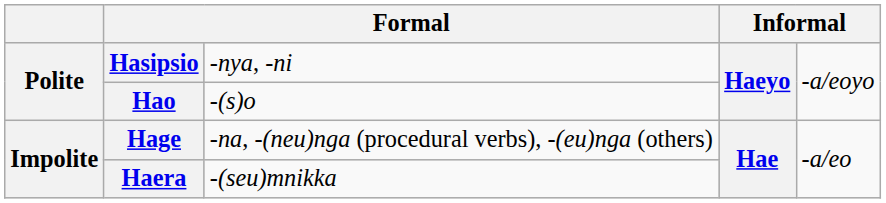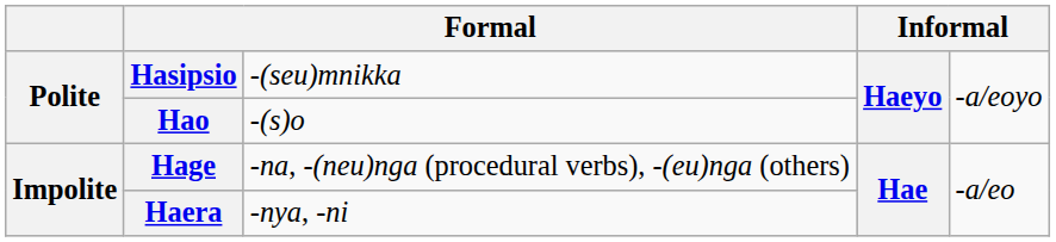 <table class="wikitable">
 <tr>
 <th></th>
 <th colspan="2">Formal</th>
 <th colspan="2">Informal</th>
 </tr>
 <tr>
 <th rowspan="2">Polite</th>
 <th><a href='#'>Hasipsio</a></th>
-<td> <em>-nya</em>,  <em>-ni</em></td>
+<td> <em>-(seu)mnikka</em></td>
 <th rowspan="2"><a href='#'>Haeyo</a></th>
 <td rowspan="2"> <em>-a/eoyo</em></td>
 </tr>
 <tr>
 <th><a href='#'>Hao</a></th>
 <td> <em>-(s)o</em></td>
 </tr>
 <tr>
 <th rowspan="2">Impolite</th>
 <th><a href='#'>Hage</a></th>
 <td> <em>-na</em>,  <em>-(neu)nga</em> (procedural verbs),  <em>-(eu)nga</em> (others)</td>
 <th rowspan="2"><a href='#'>Hae</a></th>
 <td rowspan="2"> <em>-a/eo</em></td>
 </tr>
 <tr>
 <th><a href='#'>Haera</a></th>
-<td> <em>-(seu)mnikka</em></td>
+<td> <em>-nya</em>,  <em>-ni</em></td>
 </tr>
 </table>
